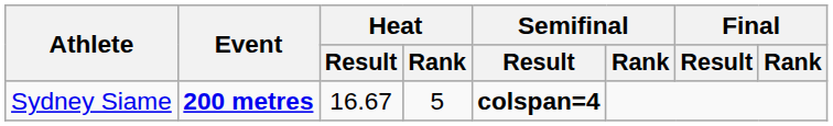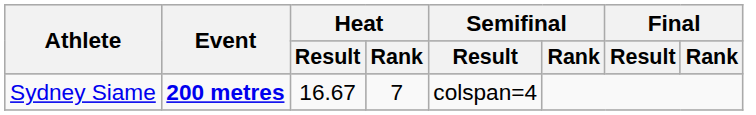 <table class="wikitable" style="font-size:90%">
 <tr>
 <th rowspan="2">Athlete</th>
 <th rowspan="2">Event</th>
 <th colspan="2">Heat</th>
 <th colspan="2">Semifinal</th>
 <th colspan="2">Final</th>
 </tr>
 <tr style="font-size:95%">
 <th>Result</th>
 <th>Rank</th>
 <th>Result</th>
 <th>Rank</th>
 <th>Result</th>
 <th>Rank</th>
 </tr>
 <tr style=text-align:center>
 <td style=text-align:left><a href='#'>Sydney Siame</a></td>
 <td style=text-align:left><strong><a href='#'>200 metres</a></strong></td>
 <td>16.67</td>
-<td>5</td>
-<td><strong>colspan=4 </strong></td>
+<td>7</td>
+<td>colspan=4 </td>
 </tr>
 </table>
